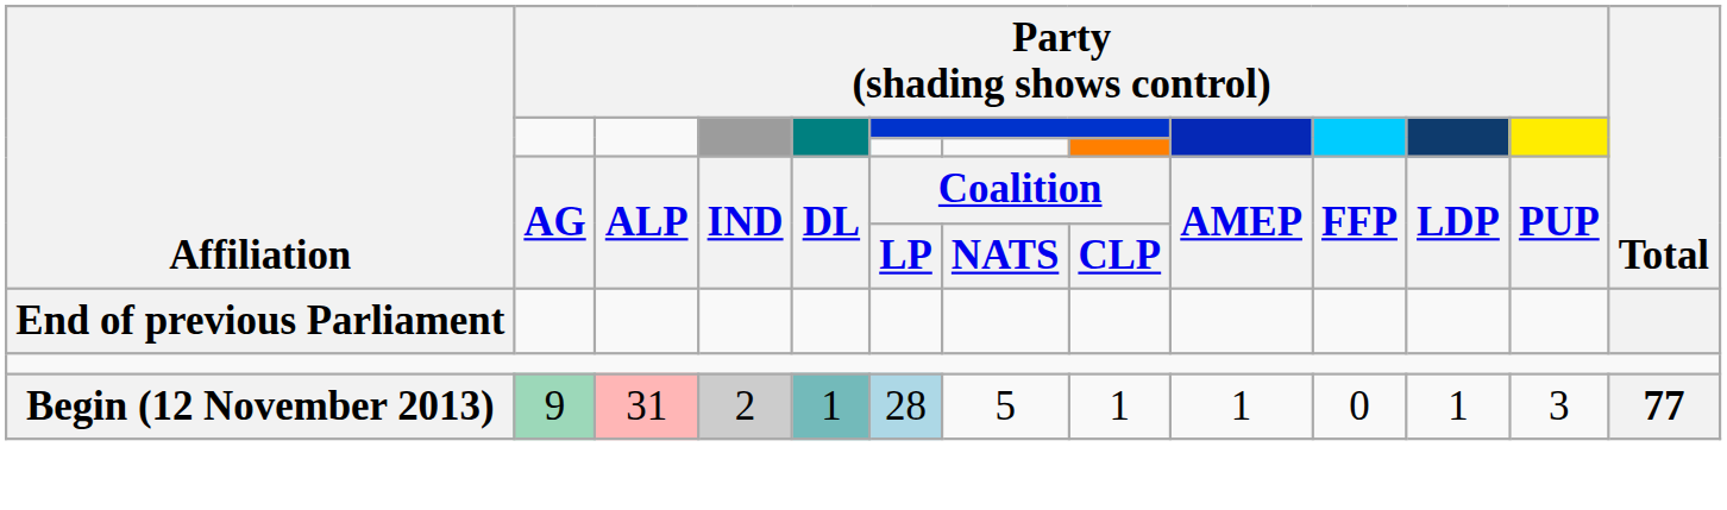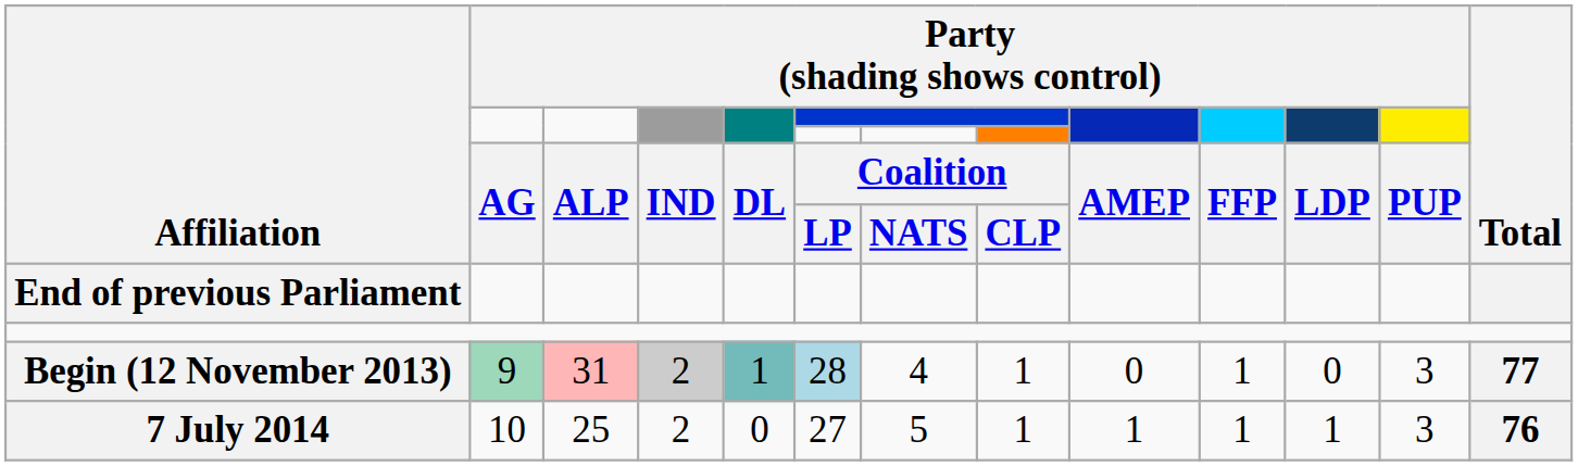 <table class="wikitable" style="text-align:center">
 <tr style="vertical-align:bottom;">
 <th rowspan="5">Affiliation</th>
 <th colspan="11">Party <br> <div>(shading shows control)</div></th>
 <th rowspan="5">Total</th>
 </tr>
 <tr>
 <td rowspan="2" style="background-color:"></td>
 <td rowspan="2" style="background-color:"></td>
 <td rowspan="2" style="background-color:#9C9C9C"></td>
 <td rowspan="2" style="background-color:#008080"></td>
 <td colspan="3" style="background-color:#0033CC"></td>
 <td rowspan="2" style="background-color:#0528B6"></td>
 <td rowspan="2" style="background-color:#00CCFF"></td>
 <td rowspan="2" style="background-color:#0E3B6D"></td>
 <td rowspan="2" style="background-color:#FFED00"></td>
 </tr>
 <tr style="height:5px">
 <td style="background-color:"></td>
 <td style="background-color:"></td>
 <td style="background-color:#FF7F00"></td>
 </tr>
 <tr>
 <th rowspan="2"><a href='#'>AG</a></th>
 <th rowspan="2"><a href='#'>ALP</a></th>
 <th rowspan="2"><a href='#'>IND</a></th>
 <th rowspan="2"><a href='#'>DL</a></th>
 <th colspan="3"><a href='#'>Coalition</a></th>
 <th rowspan="2"><a href='#'>AMEP</a></th>
 <th rowspan="2"><a href='#'>FFP</a></th>
 <th rowspan="2"><a href='#'>LDP</a></th>
 <th rowspan="2"><a href='#'>PUP</a></th>
 </tr>
 <tr>
 <th><div><a href='#'>LP</a></div></th>
 <th><div><a href='#'>NATS</a></div></th>
 <th><div><a href='#'>CLP</a></div></th>
 </tr>
 <tr>
 <th><div>End of previous Parliament</div></th>
 <td></td>
 <td></td>
 <td></td>
 <td></td>
 <td></td>
 <td></td>
 <td></td>
 <td></td>
 <td></td>
 <td></td>
 <td></td>
 <th></th>
 </tr>
 <tr>
 <td colspan="13"></td>
 </tr>
 <tr>
 <th><div>Begin (12 November 2013)</div></th>
 <td style="background-color:#9CD8B9">9</td>
 <td style="background-color:#FFB6B6">31</td>
 <td style="background-color:#CCCCCC">2</td>
 <td style="background-color:#73BABA">1</td>
 <td style="background: lightblue;">28</td>
+<td>4</td>
+<td>1</td>
+<td>0</td>
+<td>1</td>
+<td>0</td>
+<td>3</td>
+<th>77</th>
+</tr>
+<tr>
+<th><div>7 July 2014</div></th>
+<td>10</td>
+<td>25</td>
+<td>2</td>
+<td>0</td>
+<td>27</td>
 <td>5</td>
 <td>1</td>
 <td>1</td>
-<td>0</td>
+<td>1</td>
 <td>1</td>
 <td>3</td>
-<th>77</th>
+<th>76</th>
 </tr>
 </table>
